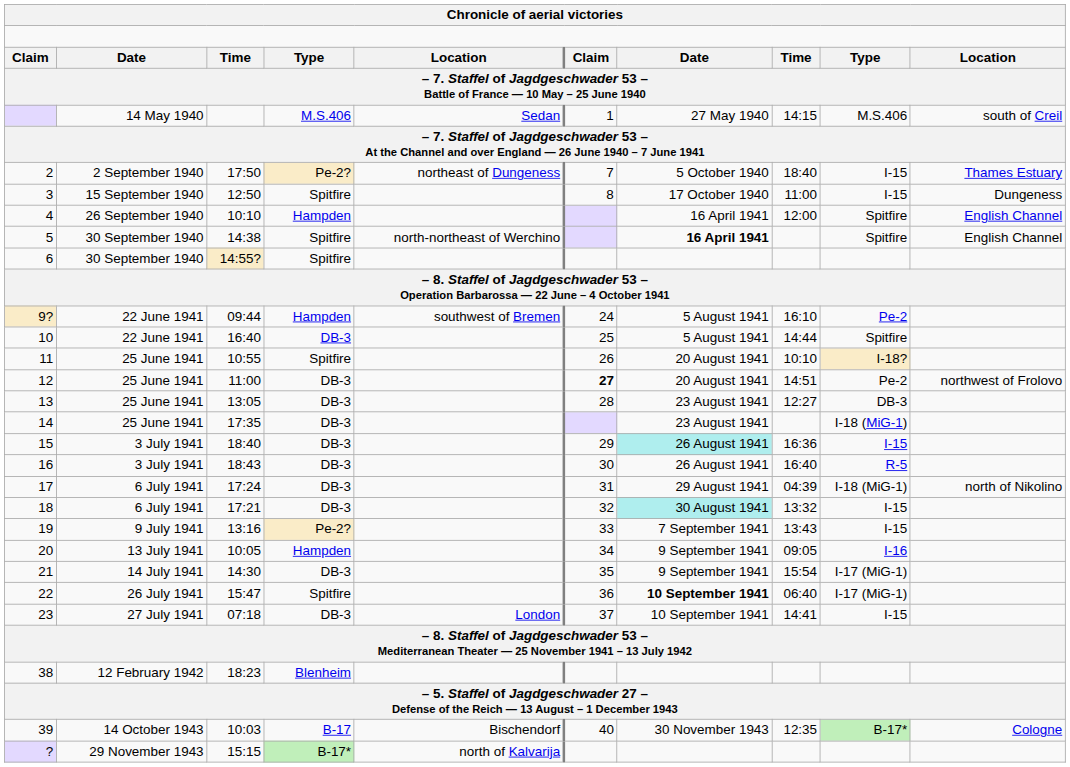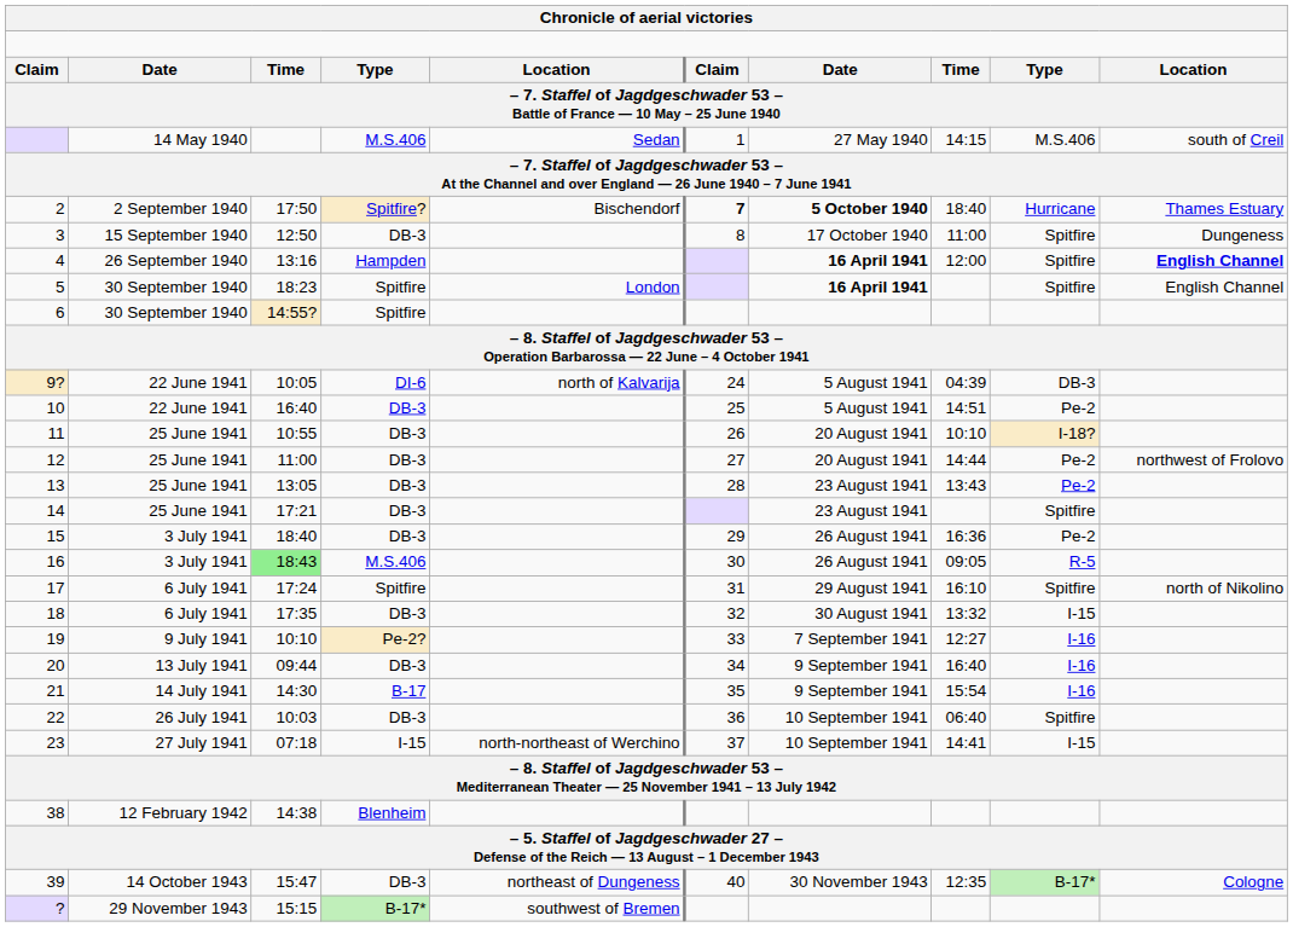 <table class="wikitable plainrowheaders collapsible" style="margin-left: auto; margin-right: auto; border: none; text-align:right; width: 100%;">
 <tr>
 <th colspan="10">Chronicle of aerial victories</th>
 </tr>
 <tr>
 <td colspan="10" style="text-align: left;"><br>  </td>
 </tr>
 <tr>
 <th scope="col">Claim</th>
 <th scope="col">Date</th>
 <th scope="col">Time</th>
 <th scope="col" width="100px">Type</th>
 <th scope="col">Location</th>
 <th scope="col" style="border-left: 3px solid grey;">Claim</th>
 <th scope="col">Date</th>
 <th scope="col">Time</th>
 <th scope="col" width="100px">Type</th>
 <th scope="col">Location</th>
 </tr>
 <tr>
 <th colspan="10">– 7. <em>Staffel</em> of <em>Jagdgeschwader</em> 53 –<br><small>Battle of France — 10 May – 25 June 1940</small></th>
 </tr>
 <tr>
 <td style="background:#e3d9ff;"></td>
 <td>14 May 1940</td>
 <td></td>
 <td><a href='#'>M.S.406</a></td>
 <td><a href='#'>Sedan</a></td>
 <td style="border-left: 3px solid grey;">1</td>
 <td>27 May 1940</td>
 <td>14:15</td>
 <td>M.S.406</td>
 <td> south of <a href='#'>Creil</a></td>
 </tr>
 <tr>
 <th colspan="10">– 7. <em>Staffel</em> of <em>Jagdgeschwader</em> 53 –<br><small>At the Channel and over England — 26 June 1940 – 7 June 1941</small></th>
 </tr>
 <tr>
 <td>2</td>
 <td>2 September 1940</td>
 <td>17:50</td>
-<td style="background:#faecc8">Pe-2?</td>
-<td>northeast of <a href='#'>Dungeness</a></td>
-<td style="border-left: 3px solid grey;">7</td>
-<td>5 October 1940</td>
+<td style="background:#faecc8"><a href='#'>Spitfire</a>?</td>
+<td>Bischendorf</td>
+<td style="border-left: 3px solid grey;"><strong>7</strong></td>
+<td><strong>5 October 1940</strong></td>
 <td>18:40</td>
-<td>I-15</td>
+<td><a href='#'>Hurricane</a></td>
 <td><a href='#'>Thames Estuary</a></td>
 </tr>
 <tr>
 <td>3</td>
 <td>15 September 1940</td>
 <td>12:50</td>
-<td>Spitfire</td>
+<td>DB-3</td>
 <td></td>
 <td style="border-left: 3px solid grey;">8</td>
 <td>17 October 1940</td>
 <td>11:00</td>
-<td>I-15</td>
+<td>Spitfire</td>
 <td>Dungeness</td>
 </tr>
 <tr>
 <td>4</td>
 <td>26 September 1940</td>
-<td>10:10</td>
+<td>13:16</td>
 <td><a href='#'>Hampden</a></td>
 <td></td>
 <td style="border-left: 3px solid grey; background:#e3d9ff;"></td>
-<td>16 April 1941</td>
+<td><strong>16 April 1941</strong></td>
 <td>12:00</td>
 <td>Spitfire</td>
-<td><a href='#'>English Channel</a></td>
+<td><strong><a href='#'>English Channel</a></strong></td>
 </tr>
 <tr>
 <td>5</td>
 <td>30 September 1940</td>
-<td>14:38</td>
+<td>18:23</td>
 <td>Spitfire</td>
-<td>north-northeast of Werchino</td>
+<td><a href='#'>London</a></td>
 <td style="border-left: 3px solid grey; background:#e3d9ff;"></td>
 <td><strong>16 April 1941</strong></td>
 <td></td>
 <td>Spitfire</td>
 <td>English Channel</td>
 </tr>
 <tr>
 <td>6</td>
 <td>30 September 1940</td>
 <td style="background:#faecc8">14:55?</td>
 <td>Spitfire</td>
 <td></td>
 <td style="border-left: 3px solid grey;"></td>
 <td></td>
 <td></td>
 <td></td>
 <td></td>
 </tr>
 <tr>
 <th colspan="10">– 8. <em>Staffel</em> of <em>Jagdgeschwader</em> 53 –<br><small>Operation Barbarossa — 22 June – 4 October 1941</small></th>
 </tr>
 <tr>
 <td style="background:#faecc8">9?</td>
 <td>22 June 1941</td>
-<td>09:44</td>
-<td><a href='#'>Hampden</a></td>
-<td>southwest of <a href='#'>Bremen</a></td>
+<td>10:05</td>
+<td><a href='#'>DI-6</a></td>
+<td>north of <a href='#'>Kalvarija</a></td>
 <td style="border-left: 3px solid grey;">24</td>
 <td>5 August 1941</td>
-<td>16:10</td>
-<td><a href='#'>Pe-2</a></td>
+<td>04:39</td>
+<td>DB-3</td>
 <td></td>
 </tr>
 <tr>
 <td>10</td>
 <td>22 June 1941</td>
 <td>16:40</td>
 <td><a href='#'>DB-3</a></td>
 <td></td>
 <td style="border-left: 3px solid grey;">25</td>
 <td>5 August 1941</td>
-<td>14:44</td>
-<td>Spitfire</td>
+<td>14:51</td>
+<td>Pe-2</td>
 <td></td>
 </tr>
 <tr>
 <td>11</td>
 <td>25 June 1941</td>
 <td>10:55</td>
-<td>Spitfire</td>
+<td>DB-3</td>
 <td></td>
 <td style="border-left: 3px solid grey;">26</td>
 <td>20 August 1941</td>
 <td>10:10</td>
 <td style="background:#faecc8">I-18?</td>
 <td></td>
 </tr>
 <tr>
 <td>12</td>
 <td>25 June 1941</td>
 <td>11:00</td>
 <td>DB-3</td>
 <td></td>
-<td style="border-left: 3px solid grey;"><strong>27</strong></td>
+<td style="border-left: 3px solid grey;">27</td>
 <td>20 August 1941</td>
-<td>14:51</td>
+<td>14:44</td>
 <td>Pe-2</td>
 <td>northwest of Frolovo</td>
 </tr>
 <tr>
 <td>13</td>
 <td>25 June 1941</td>
 <td>13:05</td>
 <td>DB-3</td>
 <td></td>
 <td style="border-left: 3px solid grey;">28</td>
 <td>23 August 1941</td>
-<td>12:27</td>
-<td>DB-3</td>
+<td>13:43</td>
+<td><a href='#'>Pe-2</a></td>
 <td></td>
 </tr>
 <tr>
 <td>14</td>
 <td>25 June 1941</td>
-<td>17:35</td>
+<td>17:21</td>
 <td>DB-3</td>
 <td></td>
 <td style="border-left: 3px solid grey; background:#e3d9ff;"></td>
 <td>23 August 1941</td>
 <td></td>
-<td>I-18 (<a href='#'>MiG-1</a>)</td>
+<td>Spitfire</td>
 <td></td>
 </tr>
 <tr>
 <td>15</td>
 <td>3 July 1941</td>
 <td>18:40</td>
 <td>DB-3</td>
 <td></td>
 <td style="border-left: 3px solid grey;">29</td>
-<td style="background: paleturquoise;">26 August 1941</td>
+<td>26 August 1941</td>
 <td>16:36</td>
-<td><a href='#'>I-15</a></td>
+<td>Pe-2</td>
 <td></td>
 </tr>
 <tr>
 <td>16</td>
 <td>3 July 1941</td>
-<td>18:43</td>
-<td>DB-3</td>
+<td style="background: lightgreen;">18:43</td>
+<td><a href='#'>M.S.406</a></td>
 <td></td>
 <td style="border-left: 3px solid grey;">30</td>
 <td>26 August 1941</td>
-<td>16:40</td>
+<td>09:05</td>
 <td><a href='#'>R-5</a></td>
 <td></td>
 </tr>
 <tr>
 <td>17</td>
 <td>6 July 1941</td>
 <td>17:24</td>
-<td>DB-3</td>
+<td>Spitfire</td>
 <td></td>
 <td style="border-left: 3px solid grey;">31</td>
 <td>29 August 1941</td>
-<td>04:39</td>
-<td>I-18 (MiG-1)</td>
+<td>16:10</td>
+<td>Spitfire</td>
 <td>north of Nikolino</td>
 </tr>
 <tr>
 <td>18</td>
 <td>6 July 1941</td>
-<td>17:21</td>
+<td>17:35</td>
 <td>DB-3</td>
 <td></td>
 <td style="border-left: 3px solid grey;">32</td>
-<td style="background: paleturquoise;">30 August 1941</td>
+<td>30 August 1941</td>
 <td>13:32</td>
 <td>I-15</td>
 <td></td>
 </tr>
 <tr>
 <td>19</td>
 <td>9 July 1941</td>
-<td>13:16</td>
+<td>10:10</td>
 <td style="background:#faecc8">Pe-2?</td>
 <td></td>
 <td style="border-left: 3px solid grey;">33</td>
 <td>7 September 1941</td>
-<td>13:43</td>
-<td>I-15</td>
+<td>12:27</td>
+<td><a href='#'>I-16</a></td>
 <td></td>
 </tr>
 <tr>
 <td>20</td>
 <td>13 July 1941</td>
-<td>10:05</td>
-<td><a href='#'>Hampden</a></td>
+<td>09:44</td>
+<td>DB-3</td>
 <td></td>
 <td style="border-left: 3px solid grey;">34</td>
 <td>9 September 1941</td>
-<td>09:05</td>
+<td>16:40</td>
 <td><a href='#'>I-16</a></td>
 <td></td>
 </tr>
 <tr>
 <td>21</td>
 <td>14 July 1941</td>
 <td>14:30</td>
-<td>DB-3</td>
+<td><a href='#'>B-17</a></td>
 <td></td>
 <td style="border-left: 3px solid grey;">35</td>
 <td>9 September 1941</td>
 <td>15:54</td>
-<td>I-17 (MiG-1)</td>
+<td><a href='#'>I-16</a></td>
 <td></td>
 </tr>
 <tr>
 <td>22</td>
 <td>26 July 1941</td>
-<td>15:47</td>
-<td>Spitfire</td>
+<td>10:03</td>
+<td>DB-3</td>
 <td></td>
 <td style="border-left: 3px solid grey;">36</td>
-<td><strong>10 September 1941</strong></td>
+<td>10 September 1941</td>
 <td>06:40</td>
-<td>I-17 (MiG-1)</td>
+<td>Spitfire</td>
 <td></td>
 </tr>
 <tr>
 <td>23</td>
 <td>27 July 1941</td>
 <td>07:18</td>
-<td>DB-3</td>
-<td><a href='#'>London</a></td>
+<td>I-15</td>
+<td>north-northeast of Werchino</td>
 <td style="border-left: 3px solid grey;">37</td>
 <td>10 September 1941</td>
 <td>14:41</td>
 <td>I-15</td>
 <td></td>
 </tr>
 <tr>
 <th colspan="10">– 8. <em>Staffel</em> of <em>Jagdgeschwader</em> 53 –<br><small>Mediterranean Theater — 25 November 1941 – 13 July 1942</small></th>
 </tr>
 <tr>
 <td>38</td>
 <td>12 February 1942</td>
-<td>18:23</td>
+<td>14:38</td>
 <td><a href='#'>Blenheim</a></td>
 <td></td>
 <td style="border-left: 3px solid grey;"></td>
 <td></td>
 <td></td>
 <td></td>
 <td></td>
 </tr>
 <tr>
 <th colspan="10">– 5. <em>Staffel</em> of <em>Jagdgeschwader</em> 27 –<br><small>Defense of the Reich — 13 August – 1 December 1943</small></th>
 </tr>
 <tr>
 <td>39</td>
 <td>14 October 1943</td>
-<td>10:03</td>
-<td><a href='#'>B-17</a></td>
-<td>Bischendorf</td>
+<td>15:47</td>
+<td>DB-3</td>
+<td>northeast of <a href='#'>Dungeness</a></td>
 <td style="border-left: 3px solid grey;">40</td>
 <td>30 November 1943</td>
 <td>12:35</td>
 <td style="background:#C0EFBA">B-17*</td>
 <td><a href='#'>Cologne</a></td>
 </tr>
 <tr>
 <td style="background:#e3d9ff;">?</td>
 <td>29 November 1943</td>
 <td>15:15</td>
 <td style="background:#C0EFBA">B-17*</td>
-<td>north of <a href='#'>Kalvarija</a></td>
+<td>southwest of <a href='#'>Bremen</a></td>
 <td style="border-left: 3px solid grey;"></td>
 <td></td>
 <td></td>
 <td></td>
 <td></td>
 </tr>
 </table>
